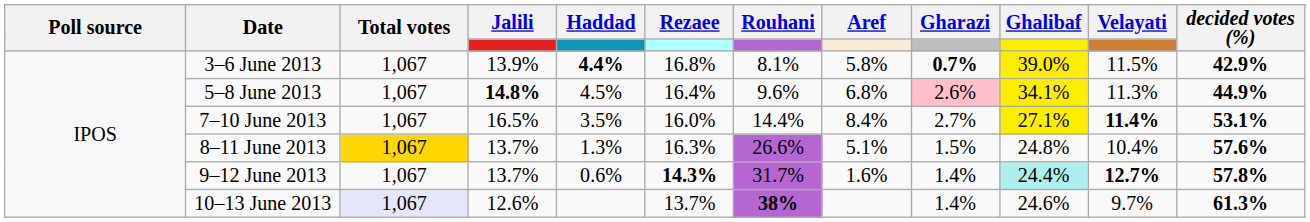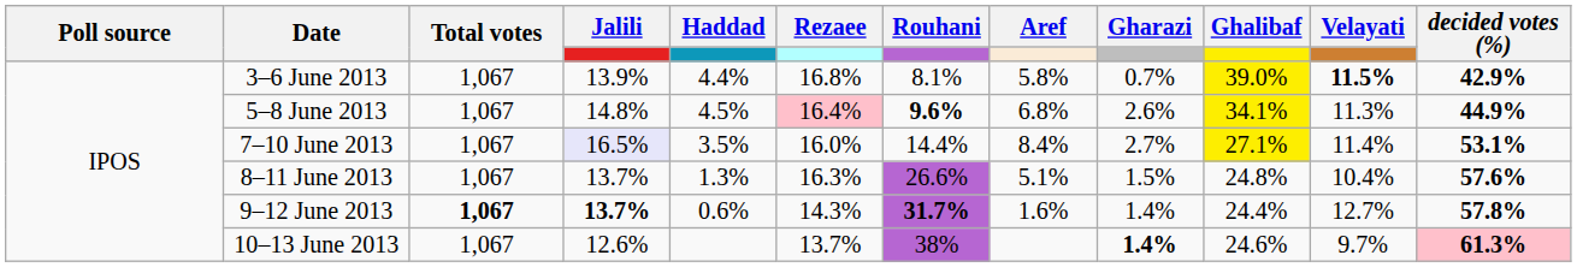 <table class="wikitable" style="text-align:center;font-size:95%;line-height:14px;">
 <tr style="background:lightgrey;">
 <th rowspan="2" style="width:130px;">Poll source</th>
 <th rowspan="2" style="width:110px;">Date</th>
 <th rowspan="2" style="width:90px;">Total votes</th>
 <th style="width:60px;"><a href='#'>Jalili</a></th>
 <th style="width:60px;"><a href='#'>Haddad</a></th>
 <th style="width:60px;"><a href='#'>Rezaee</a></th>
 <th style="width:60px;"><a href='#'>Rouhani</a></th>
 <th style="width:60px;"><a href='#'>Aref</a></th>
 <th style="width:60px;"><a href='#'>Gharazi</a></th>
 <th style="width:60px;"><a href='#'>Ghalibaf</a></th>
 <th style="width:60px;"><a href='#'>Velayati</a></th>
 <th rowspan="2" style="width:90px;"><em>decided votes (%)</em></th>
 </tr>
 <tr>
 <td style="background:#E62020;"></td>
 <td style="background:#0D98BA;"></td>
 <td style="background:#B2FFFF;"></td>
 <td style="background:#B666D2;"></td>
 <td style="background:#FAEBD7;"></td>
 <td style="background:#BEBEBE;"></td>
 <td style="background:#FDEE00;"></td>
 <td style="background:#CD7F32;"></td>
 </tr>
 <tr>
 <td rowspan="6">IPOS</td>
 <td>3–6 June 2013</td>
 <td>1,067</td>
 <td>13.9%</td>
-<td><strong>4.4%</strong></td>
+<td>4.4%</td>
 <td>16.8%</td>
 <td>8.1%</td>
 <td>5.8%</td>
-<td><strong>0.7%</strong></td>
+<td>0.7%</td>
 <td style="background:#FDEE00">39.0%</td>
-<td>11.5%</td>
+<td><strong>11.5%</strong></td>
 <td><strong>42.9%</strong></td>
 </tr>
 <tr>
 <td>5–8 June 2013</td>
 <td>1,067</td>
-<td><strong>14.8%</strong></td>
+<td>14.8%</td>
 <td>4.5% </td>
-<td>16.4% </td>
-<td>9.6%</td>
+<td style="background: pink;">16.4% </td>
+<td><strong>9.6%</strong></td>
 <td>6.8% </td>
-<td style="background: pink;">2.6% </td>
+<td>2.6% </td>
 <td style="background:#FDEE00">34.1% </td>
 <td>11.3% </td>
 <td><strong>44.9%</strong></td>
 </tr>
 <tr>
 <td>7–10 June 2013</td>
 <td>1,067</td>
-<td>16.5%</td>
+<td style="background: lavender;">16.5%</td>
 <td>3.5% </td>
 <td>16.0% </td>
 <td>14.4% </td>
 <td>8.4% </td>
 <td>2.7% </td>
 <td style="background:#FDEE00">27.1% </td>
-<td><strong>11.4% </strong></td>
+<td>11.4% </td>
 <td><strong>53.1%</strong></td>
 </tr>
 <tr>
 <td>8–11 June 2013</td>
-<td style="background: gold;">1,067</td>
+<td>1,067</td>
 <td>13.7%</td>
 <td>1.3% </td>
 <td>16.3% </td>
 <td style="background:#B666D2">26.6%</td>
 <td>5.1% </td>
 <td>1.5% </td>
 <td>24.8% </td>
 <td>10.4% </td>
 <td><strong>57.6%</strong></td>
 </tr>
 <tr>
 <td>9–12 June 2013</td>
-<td>1,067</td>
-<td>13.7%</td>
+<td><strong>1,067</strong></td>
+<td><strong>13.7%</strong></td>
 <td>0.6% </td>
-<td><strong>14.3% </strong></td>
-<td style="background:#B666D2">31.7% </td>
+<td>14.3% </td>
+<td style="background:#B666D2"><strong>31.7% </strong></td>
 <td>1.6% </td>
 <td>1.4% </td>
-<td style="background: paleturquoise;">24.4% </td>
-<td><strong>12.7% </strong></td>
+<td>24.4% </td>
+<td>12.7% </td>
 <td><strong>57.8%</strong></td>
 </tr>
 <tr>
 <td>10–13 June 2013</td>
-<td style="background: lavender;">1,067</td>
+<td>1,067</td>
 <td>12.6%</td>
 <td></td>
 <td>13.7% </td>
-<td style="background:#B666D2"><strong>38% </strong></td>
+<td style="background:#B666D2">38% </td>
 <td></td>
-<td>1.4% </td>
+<td><strong>1.4% </strong></td>
 <td>24.6% </td>
 <td>9.7% </td>
-<td><strong>61.3%</strong></td>
+<td style="background: pink;"><strong>61.3%</strong></td>
 </tr>
 </table>
